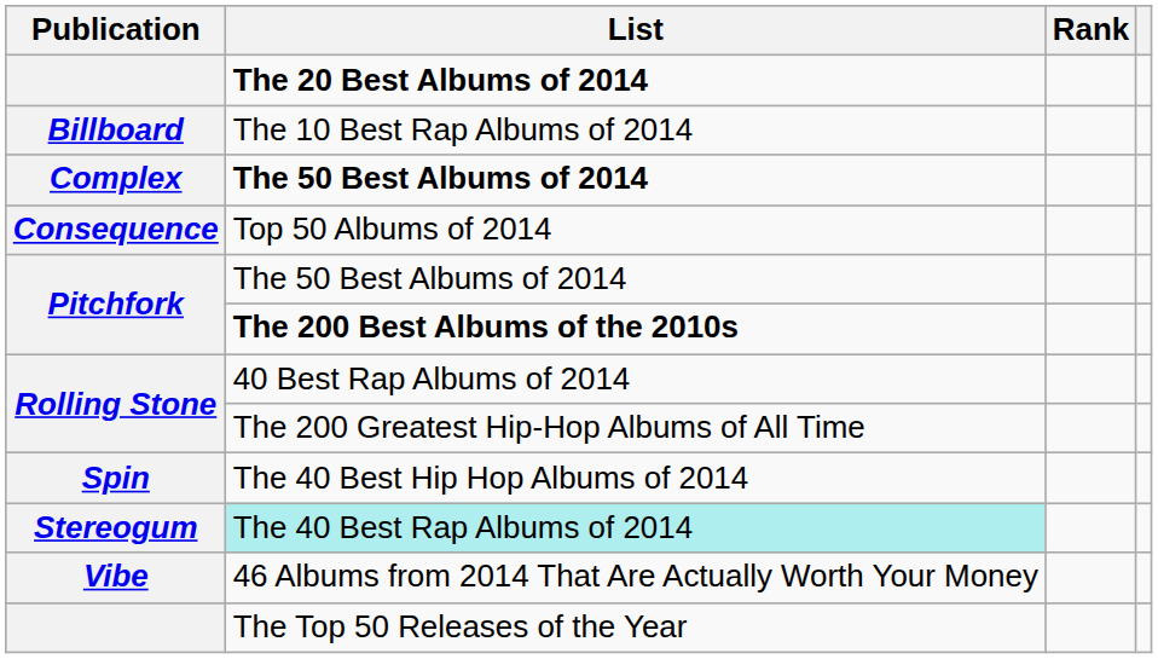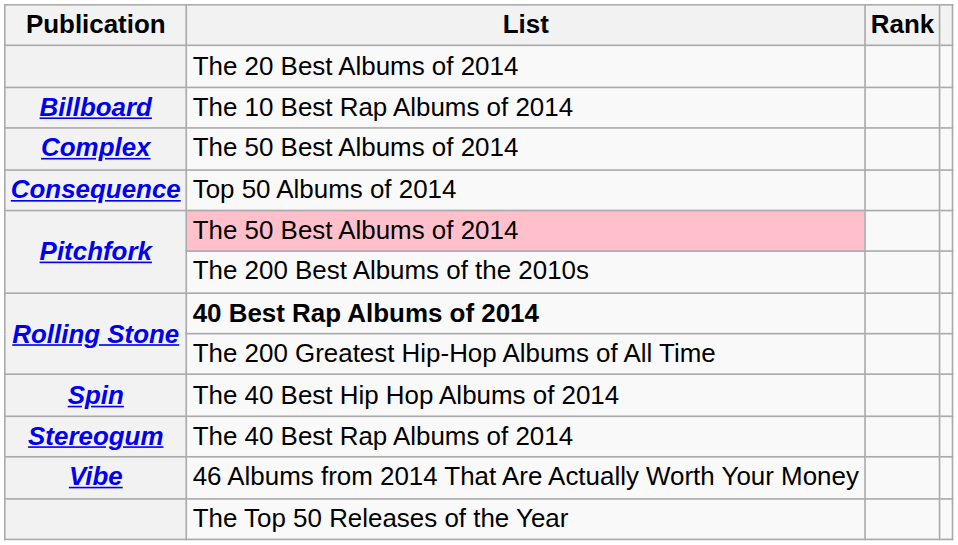 <table class="wikitable sortable plainrowheaders" style="border:none; margin:0;">
 <tr>
 <th scope="col">Publication</th>
 <th scope="col" class="unsortable">List</th>
 <th scope="col" data-sort-type="number">Rank</th>
 <th scope="col" class="unsortable"></th>
 </tr>
 <tr>
 <th scope="row"></th>
-<td><strong>The 20 Best Albums of 2014</strong></td>
+<td>The 20 Best Albums of 2014</td>
 <td></td>
 <td></td>
 </tr>
 <tr>
 <th scope="row"><em><a href='#'>Billboard</a></em></th>
 <td>The 10 Best Rap Albums of 2014</td>
 <td></td>
 <td></td>
 </tr>
 <tr>
 <th scope="row"><em><a href='#'>Complex</a></em></th>
-<td><strong>The 50 Best Albums of 2014</strong></td>
+<td>The 50 Best Albums of 2014</td>
 <td></td>
 <td></td>
 </tr>
 <tr>
 <th scope="row"><em><a href='#'>Consequence</a></em></th>
 <td>Top 50 Albums of 2014</td>
 <td></td>
 <td></td>
 </tr>
 <tr>
 <th scope="row" rowspan="2"><em><a href='#'>Pitchfork</a></em></th>
-<td>The 50 Best Albums of 2014</td>
+<td style="background: pink;">The 50 Best Albums of 2014</td>
 <td></td>
 <td></td>
 </tr>
 <tr>
-<td><strong>The 200 Best Albums of the 2010s</strong></td>
+<td>The 200 Best Albums of the 2010s</td>
 <td></td>
 <td></td>
 </tr>
 <tr>
 <th scope="row" rowspan="2"><em><a href='#'>Rolling Stone</a></em></th>
-<td>40 Best Rap Albums of 2014</td>
+<td><strong>40 Best Rap Albums of 2014</strong></td>
 <td></td>
 <td></td>
 </tr>
 <tr>
 <td>The 200 Greatest Hip-Hop Albums of All Time</td>
 <td></td>
 <td></td>
 </tr>
 <tr>
 <th scope="row"><em><a href='#'>Spin</a></em></th>
 <td>The 40 Best Hip Hop Albums of 2014</td>
 <td></td>
 <td></td>
 </tr>
 <tr>
 <th scope="row"><em><a href='#'>Stereogum</a></em></th>
-<td style="background: paleturquoise;">The 40 Best Rap Albums of 2014</td>
+<td>The 40 Best Rap Albums of 2014</td>
 <td></td>
 <td></td>
 </tr>
 <tr>
 <th scope="row"><em><a href='#'>Vibe</a></em></th>
 <td>46 Albums from 2014 That Are Actually Worth Your Money</td>
 <td></td>
 <td></td>
 </tr>
 <tr>
 <th scope="row"></th>
 <td>The Top 50 Releases of the Year</td>
 <td></td>
 <td></td>
 </tr>
 </table>
